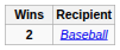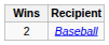 <table class="wikitable sortable" rowspan="2" style="text-align:center;" background: #f6e39c;>
 <tr>
 <th scope="col" style="width:55px;">Wins</th>
 <th scope="col" style="text-align:center;">Recipient</th>
 </tr>
 <tr>
-<td rowspan=1 style="text-align:center"><strong>2</strong></td>
+<td rowspan=1 style="text-align:center">2</td>
 <td><em><a href='#'>Baseball</a></em></td>
 </tr>
 </table>
